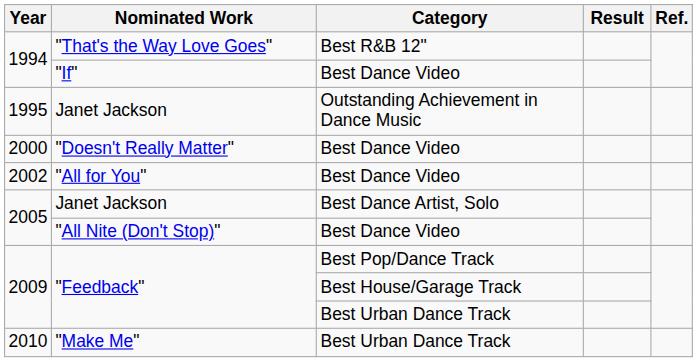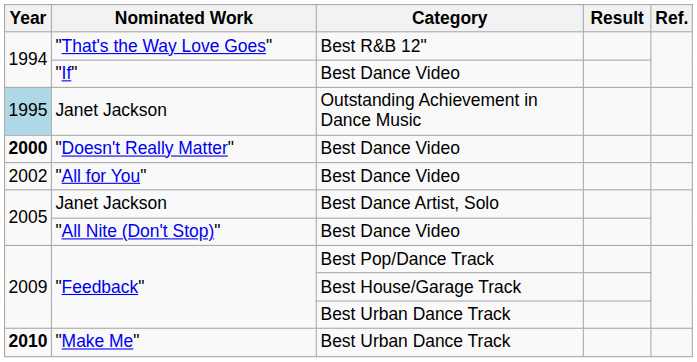 <table class="wikitable" width="50%">
 <tr>
 <th width="5%">Year</th>
 <th width="40%">Nominated Work</th>
 <th width="40%">Category</th>
 <th width="10%">Result</th>
 <th width="5%">Ref.</th>
 </tr>
 <tr>
 <td rowspan="2">1994</td>
 <td>"<a href='#'>That's the Way Love Goes</a>"</td>
 <td>Best R&B 12"</td>
 <td></td>
 <td rowspan="2"></td>
 </tr>
 <tr>
 <td>"<a href='#'>If</a>"</td>
 <td>Best Dance Video</td>
 <td></td>
 </tr>
 <tr>
-<td>1995</td>
+<td style="background: lightblue;">1995</td>
 <td>Janet Jackson</td>
 <td>Outstanding Achievement in Dance Music</td>
 <td></td>
 <td></td>
 </tr>
 <tr>
-<td>2000</td>
+<td><strong>2000</strong></td>
 <td>"<a href='#'>Doesn't Really Matter</a>"</td>
 <td>Best Dance Video</td>
 <td></td>
 <td></td>
 </tr>
 <tr>
 <td>2002</td>
 <td>"<a href='#'>All for You</a>"</td>
 <td>Best Dance Video</td>
 <td></td>
 <td></td>
 </tr>
 <tr>
 <td rowspan="2">2005</td>
 <td>Janet Jackson</td>
 <td>Best Dance Artist, Solo</td>
 <td></td>
 <td rowspan="2"></td>
 </tr>
 <tr>
 <td>"<a href='#'>All Nite (Don't Stop)</a>"</td>
 <td>Best Dance Video</td>
 <td></td>
 </tr>
 <tr>
 <td rowspan="3">2009</td>
 <td rowspan="3">"<a href='#'>Feedback</a>"</td>
 <td>Best Pop/Dance Track</td>
 <td></td>
 <td rowspan="3"></td>
 </tr>
 <tr>
 <td>Best House/Garage Track</td>
 <td></td>
 </tr>
 <tr>
 <td>Best Urban Dance Track</td>
 <td></td>
 </tr>
 <tr>
-<td>2010</td>
+<td><strong>2010</strong></td>
 <td>"<a href='#'>Make Me</a>"</td>
 <td>Best Urban Dance Track</td>
 <td></td>
 <td></td>
 </tr>
 </table>
